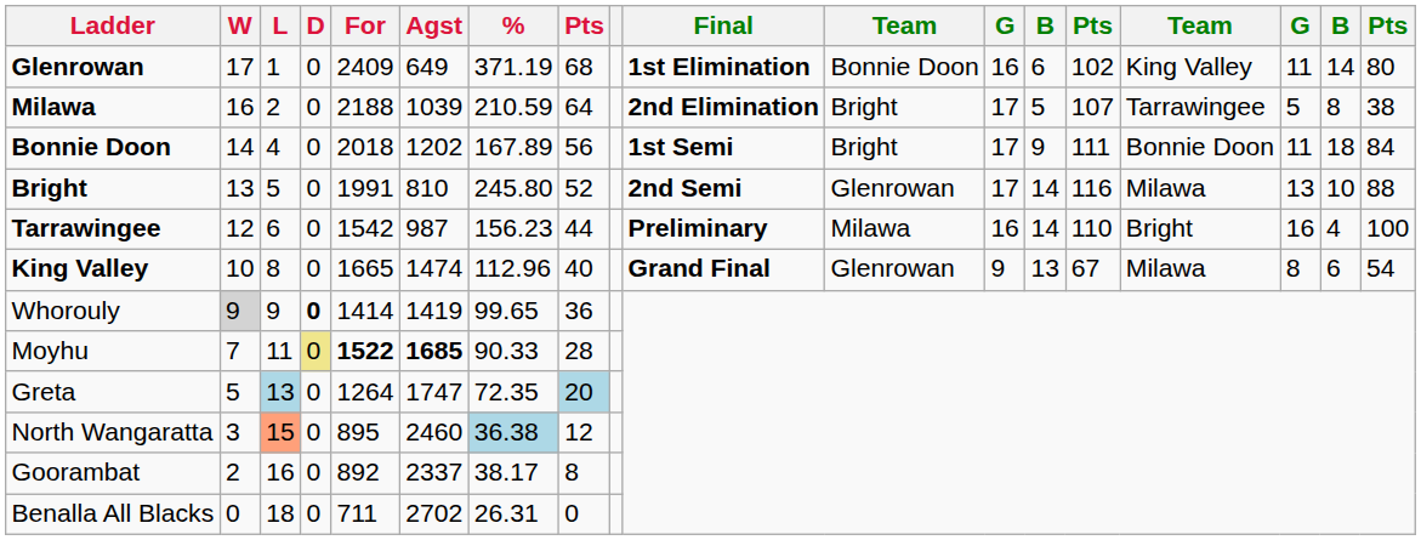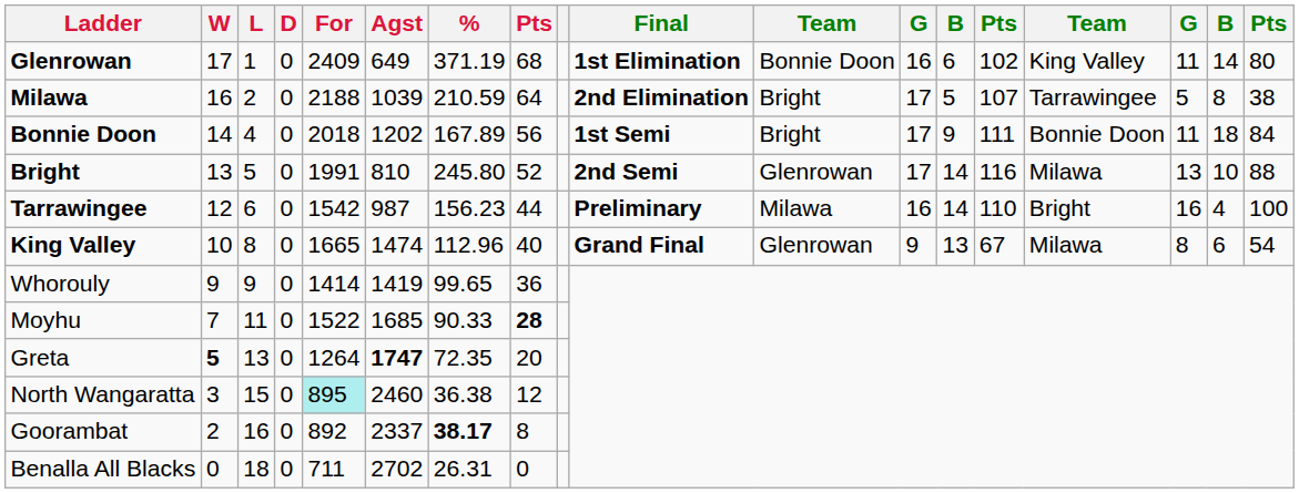 <table class="wikitable">
 <tr>
 <th style="color:crimson">Ladder</th>
 <th style="color:crimson">W</th>
 <th style="color:crimson">L</th>
 <th style="color:crimson">D</th>
 <th style="color:crimson">For</th>
 <th style="color:crimson">Agst</th>
 <th style="color:crimson">%</th>
 <th style="color:crimson">Pts</th>
 <th></th>
 <th style="color:green">Final</th>
 <th style="color:green">Team</th>
 <th style="color:green">G</th>
 <th style="color:green">B</th>
 <th style="color:green">Pts</th>
 <th style="color:green">Team</th>
 <th style="color:green">G</th>
 <th style="color:green">B</th>
 <th style="color:green">Pts</th>
 </tr>
 <tr>
 <td><strong>Glenrowan</strong></td>
 <td>17</td>
 <td>1</td>
 <td>0</td>
 <td>2409</td>
 <td>649</td>
 <td>371.19</td>
 <td>68</td>
 <td></td>
 <td><strong>1st Elimination</strong></td>
 <td>Bonnie Doon</td>
 <td>16</td>
 <td>6</td>
 <td>102</td>
 <td>King Valley</td>
 <td>11</td>
 <td>14</td>
 <td>80</td>
 </tr>
 <tr>
 <td><strong>Milawa</strong></td>
 <td>16</td>
 <td>2</td>
 <td>0</td>
 <td>2188</td>
 <td>1039</td>
 <td>210.59</td>
 <td>64</td>
 <td></td>
 <td><strong>2nd Elimination</strong></td>
 <td>Bright</td>
 <td>17</td>
 <td>5</td>
 <td>107</td>
 <td>Tarrawingee</td>
 <td>5</td>
 <td>8</td>
 <td>38</td>
 </tr>
 <tr>
 <td><strong>Bonnie Doon</strong></td>
 <td>14</td>
 <td>4</td>
 <td>0</td>
 <td>2018</td>
 <td>1202</td>
 <td>167.89</td>
 <td>56</td>
 <td></td>
 <td><strong>1st Semi</strong></td>
 <td>Bright</td>
 <td>17</td>
 <td>9</td>
 <td>111</td>
 <td>Bonnie Doon</td>
 <td>11</td>
 <td>18</td>
 <td>84</td>
 </tr>
 <tr>
 <td><strong>Bright</strong></td>
 <td>13</td>
 <td>5</td>
 <td>0</td>
 <td>1991</td>
 <td>810</td>
 <td>245.80</td>
 <td>52</td>
 <td></td>
 <td><strong>2nd Semi</strong></td>
 <td>Glenrowan</td>
 <td>17</td>
 <td>14</td>
 <td>116</td>
 <td>Milawa</td>
 <td>13</td>
 <td>10</td>
 <td>88</td>
 </tr>
 <tr>
 <td><strong>Tarrawingee</strong></td>
 <td>12</td>
 <td>6</td>
 <td>0</td>
 <td>1542</td>
 <td>987</td>
 <td>156.23</td>
 <td>44</td>
 <td></td>
 <td><strong>Preliminary</strong></td>
 <td>Milawa</td>
 <td>16</td>
 <td>14</td>
 <td>110</td>
 <td>Bright</td>
 <td>16</td>
 <td>4</td>
 <td>100</td>
 </tr>
 <tr>
 <td><strong>King Valley</strong></td>
 <td>10</td>
 <td>8</td>
 <td>0</td>
 <td>1665</td>
 <td>1474</td>
 <td>112.96</td>
 <td>40</td>
 <td></td>
 <td><strong>Grand Final</strong></td>
 <td>Glenrowan</td>
 <td>9</td>
 <td>13</td>
 <td>67</td>
 <td>Milawa</td>
 <td>8</td>
 <td>6</td>
 <td>54</td>
 </tr>
 <tr>
 <td>Whorouly</td>
-<td style="background: lightgrey;">9</td>
 <td>9</td>
-<td><strong>0</strong></td>
+<td>9</td>
+<td>0</td>
 <td>1414</td>
 <td>1419</td>
 <td>99.65</td>
 <td>36</td>
 <td></td>
 </tr>
 <tr>
 <td>Moyhu</td>
 <td>7</td>
 <td>11</td>
-<td style="background: khaki;">0</td>
-<td><strong>1522</strong></td>
-<td><strong>1685</strong></td>
+<td>0</td>
+<td>1522</td>
+<td>1685</td>
 <td>90.33</td>
-<td>28</td>
+<td><strong>28</strong></td>
 <td></td>
 </tr>
 <tr>
 <td>Greta</td>
-<td>5</td>
-<td style="background: lightblue;">13</td>
+<td><strong>5</strong></td>
+<td>13</td>
 <td>0</td>
 <td>1264</td>
-<td>1747</td>
+<td><strong>1747</strong></td>
 <td>72.35</td>
-<td style="background: lightblue;">20</td>
+<td>20</td>
 <td></td>
 </tr>
 <tr>
 <td>North Wangaratta</td>
 <td>3</td>
-<td style="background: lightsalmon;">15</td>
+<td>15</td>
 <td>0</td>
-<td>895</td>
+<td style="background: paleturquoise;">895</td>
 <td>2460</td>
-<td style="background: lightblue;">36.38</td>
+<td>36.38</td>
 <td>12</td>
 <td></td>
 </tr>
 <tr>
 <td>Goorambat</td>
 <td>2</td>
 <td>16</td>
 <td>0</td>
 <td>892</td>
 <td>2337</td>
-<td>38.17</td>
+<td><strong>38.17</strong></td>
 <td>8</td>
 <td></td>
 </tr>
 <tr>
 <td>Benalla All Blacks</td>
 <td>0</td>
 <td>18</td>
 <td>0</td>
 <td>711</td>
 <td>2702</td>
 <td>26.31</td>
 <td>0</td>
 <td></td>
 </tr>
 </table>
